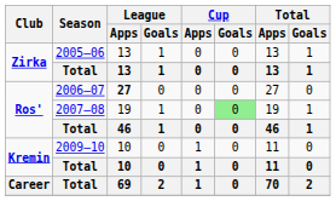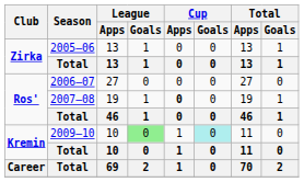 <table class="wikitable sortable" style="text-align: center;">
 <tr>
 <th rowspan="2">Club</th>
 <th rowspan="2">Season</th>
 <th colspan="2">League</th>
 <th colspan="2"><a href='#'>Cup</a></th>
 <th colspan="2">Total</th>
 </tr>
 <tr>
 <th>Apps</th>
 <th>Goals</th>
 <th>Apps</th>
 <th>Goals</th>
 <th>Apps</th>
 <th>Goals</th>
 </tr>
 <tr>
 <td rowspan="2"><strong><a href='#'>Zirka</a></strong></td>
 <td><a href='#'>2005–06</a></td>
 <td>13</td>
 <td>1</td>
 <td>0</td>
 <td>0</td>
 <td>13</td>
 <td>1</td>
 </tr>
 <tr>
 <th>Total</th>
 <th>13</th>
 <th>1</th>
 <th>0</th>
 <th>0</th>
 <th>13</th>
 <th>1</th>
 </tr>
 <tr>
 <td rowspan="3"><strong><a href='#'>Ros'</a></strong></td>
 <td><a href='#'>2006–07</a></td>
-<td><strong>27</strong></td>
+<td>27</td>
 <td>0</td>
 <td>0</td>
 <td>0</td>
 <td>27</td>
 <td>0</td>
 </tr>
 <tr>
 <td><a href='#'>2007–08</a></td>
 <td>19</td>
 <td>1</td>
+<td><strong>0</strong></td>
 <td>0</td>
-<td style="background: lightgreen;">0</td>
 <td>19</td>
 <td>1</td>
 </tr>
 <tr>
 <th>Total</th>
 <th>46</th>
 <th>1</th>
 <th>0</th>
 <th>0</th>
 <th>46</th>
 <th>1</th>
 </tr>
 <tr>
 <td rowspan="2"><strong><a href='#'>Kremin</a></strong></td>
 <td><a href='#'>2009–10</a></td>
 <td>10</td>
-<td>0</td>
+<td style="background: lightgreen;">0</td>
 <td>1</td>
-<td>0</td>
+<td style="background: paleturquoise;">0</td>
 <td>11</td>
 <td>0</td>
 </tr>
 <tr>
 <th>Total</th>
 <th>10</th>
 <th>0</th>
 <th>1</th>
 <th>0</th>
 <th>11</th>
 <th>0</th>
 </tr>
 <tr>
 <th>Career</th>
 <th>Total</th>
 <th>69</th>
 <th>2</th>
 <th>1</th>
 <th>0</th>
 <th>70</th>
 <th>2</th>
 </tr>
 <tr>
 </tr>
 </table>
